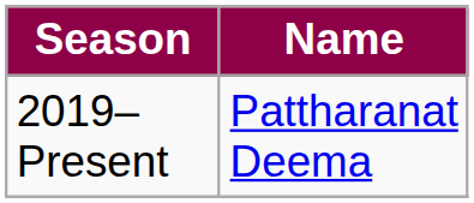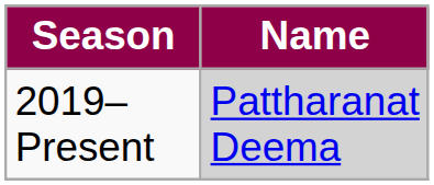 <table class="wikitable">
 <tr>
 <th width="70px" style="background: #8E0047; color: #FFFFFF; text-align: center">Season</th>
 <th width="70px" style="background: #8E0047; color: #FFFFFF">Name</th>
 </tr>
 <tr style="text-align:left;">
 <td>2019–Present</td>
-<td> <a href='#'>Pattharanat Deema</a></td>
+<td style="background: lightgrey;"> <a href='#'>Pattharanat Deema</a></td>
 </tr>
 <tr>
 </tr>
 </table>
